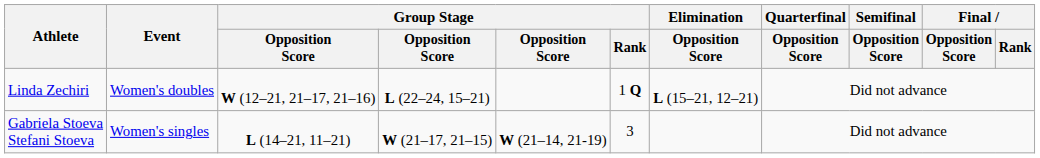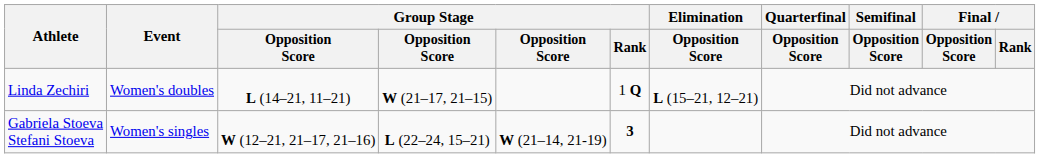 <table class="wikitable" style="font-size:90%">
 <tr>
 <th rowspan=2>Athlete</th>
 <th rowspan=2>Event</th>
 <th colspan=4>Group Stage</th>
 <th>Elimination</th>
 <th>Quarterfinal</th>
 <th>Semifinal</th>
 <th colspan=2>Final / </th>
 </tr>
 <tr style="font-size:95%">
 <th>Opposition<br>Score</th>
 <th>Opposition<br>Score</th>
 <th>Opposition<br>Score</th>
 <th>Rank</th>
 <th>Opposition<br>Score</th>
 <th>Opposition<br>Score</th>
 <th>Opposition<br>Score</th>
 <th>Opposition<br>Score</th>
 <th>Rank</th>
 </tr>
 <tr align=center>
 <td align=left><a href='#'>Linda Zechiri</a></td>
 <td align=left><a href='#'>Women's doubles</a></td>
-<td><br><strong>W</strong> (12–21, 21–17, 21–16)</td>
-<td><br><strong>L</strong> (22–24, 15–21)</td>
+<td><br><strong>L</strong> (14–21, 11–21)</td>
+<td><br><strong>W</strong> (21–17, 21–15)</td>
 <td></td>
 <td>1 <strong>Q</strong></td>
 <td><br><strong>L</strong> (15–21, 12–21)</td>
 <td colspan=4>Did not advance</td>
 </tr>
 <tr align=center>
 <td align=left><a href='#'>Gabriela Stoeva</a><br><a href='#'>Stefani Stoeva</a></td>
 <td align=left><a href='#'>Women's singles</a></td>
-<td><br><strong>L</strong> (14–21, 11–21)</td>
-<td><br><strong>W</strong> (21–17, 21–15)</td>
+<td><br><strong>W</strong> (12–21, 21–17, 21–16)</td>
+<td><br><strong>L</strong> (22–24, 15–21)</td>
 <td><br><strong>W</strong> (21–14, 21-19)</td>
-<td>3</td>
+<td><strong>3</strong></td>
 <td></td>
 <td colspan=4>Did not advance</td>
 </tr>
 </table>
